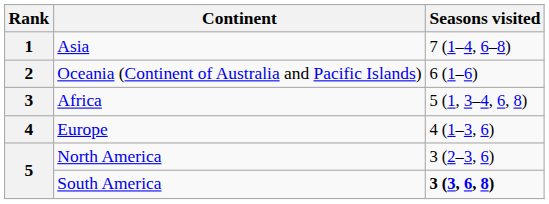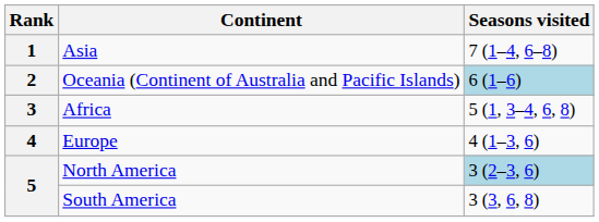 <table class="wikitable">
 <tr>
 <th>Rank</th>
 <th>Continent</th>
 <th>Seasons visited</th>
 </tr>
 <tr>
 <th style="text-align:center;">1</th>
 <td> <a href='#'>Asia</a></td>
 <td style="font-size:95%">7 (<a href='#'>1</a>–<a href='#'>4</a>, <a href='#'>6</a>–<a href='#'>8</a>)</td>
 </tr>
 <tr>
 <th style="text-align:center;">2</th>
 <td> <a href='#'>Oceania</a> (<a href='#'>Continent of Australia</a> and <a href='#'>Pacific Islands</a>)</td>
-<td style="font-size:95%">6 (<a href='#'>1</a>–<a href='#'>6</a>)</td>
+<td style="background: lightblue; font-size:95%">6 (<a href='#'>1</a>–<a href='#'>6</a>)</td>
 </tr>
 <tr>
 <th style="text-align:center;">3</th>
 <td> <a href='#'>Africa</a></td>
 <td style="font-size:95%">5 (<a href='#'>1</a>, <a href='#'>3</a>–<a href='#'>4</a>, <a href='#'>6</a>, <a href='#'>8</a>)</td>
 </tr>
 <tr>
 <th style="text-align:center;">4</th>
 <td> <a href='#'>Europe</a></td>
 <td style="font-size:95%">4 (<a href='#'>1</a>–<a href='#'>3</a>, <a href='#'>6</a>)</td>
 </tr>
 <tr>
 <th rowspan=2 style="text-align:center;">5</th>
 <td> <a href='#'>North America</a></td>
-<td style="font-size:95%">3 (<a href='#'>2</a>–<a href='#'>3</a>, <a href='#'>6</a>)</td>
+<td style="background: lightblue; font-size:95%">3 (<a href='#'>2</a>–<a href='#'>3</a>, <a href='#'>6</a>)</td>
 </tr>
 <tr>
 <td> <a href='#'>South America</a></td>
-<td style="font-size:95%"><strong>3 (<a href='#'>3</a>, <a href='#'>6</a>, <a href='#'>8</a>)</strong></td>
+<td style="font-size:95%">3 (<a href='#'>3</a>, <a href='#'>6</a>, <a href='#'>8</a>)</td>
 </tr>
 </table>
